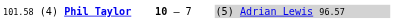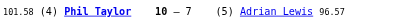 <table style="text-align:center">
 <tr>
 <th width=223></th>
 <th width=100></th>
 <th width=223></th>
 </tr>
 <tr>
 <td align=right></td>
 <td></td>
 <td align=left></td>
 </tr>
 <tr>
 <td align=right><small>101.58</small> (4) <strong><a href='#'>Phil Taylor</a></strong> </td>
 <td><strong>10</strong> – 7</td>
-<td align=left style="background: lightgrey;">(5)  <a href='#'>Adrian Lewis</a> <small>96.57</small></td>
+<td align=left>(5)  <a href='#'>Adrian Lewis</a> <small>96.57</small></td>
 </tr>
 </table>
